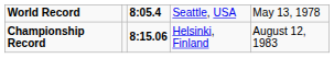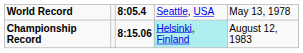 <table class="wikitable" width=75%>
 <tr>
 <td><strong>World Record</strong></td>
 <td></td>
 <td><strong>8:05.4</strong></td>
 <td><a href='#'>Seattle</a>, <a href='#'>USA</a></td>
 <td>May 13, 1978</td>
 </tr>
 <tr>
 <td><strong>Championship Record</strong></td>
 <td></td>
 <td><strong>8:15.06</strong></td>
-<td><a href='#'>Helsinki</a>, <a href='#'>Finland</a></td>
+<td style="background: paleturquoise;"><a href='#'>Helsinki</a>, <a href='#'>Finland</a></td>
 <td>August 12, 1983</td>
 </tr>
 </table>
